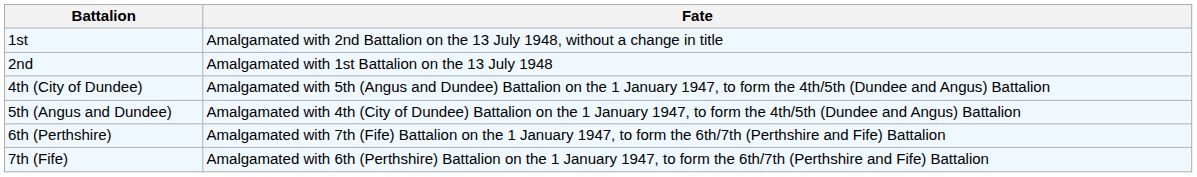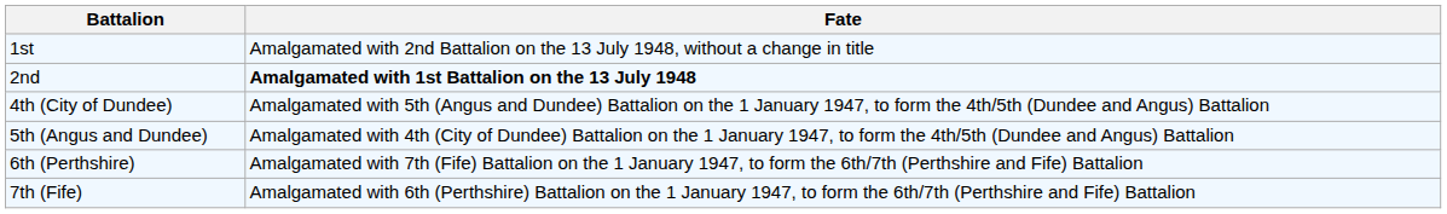 <table class="wikitable" style="width:100%;">
 <tr>
 <th>Battalion</th>
 <th>Fate</th>
 </tr>
 <tr style="background:#f0f8ff;">
 <td>1st</td>
 <td>Amalgamated with 2nd Battalion on the 13 July 1948, without a change in title</td>
 </tr>
 <tr style="background:#f0f8ff;">
 <td>2nd</td>
-<td>Amalgamated with 1st Battalion on the 13 July 1948</td>
+<td><strong>Amalgamated with 1st Battalion on the 13 July 1948</strong></td>
 </tr>
 <tr style="background:#f0f8ff;">
 <td>4th (City of Dundee)</td>
 <td>Amalgamated with 5th (Angus and Dundee) Battalion on the 1 January 1947, to form the 4th/5th (Dundee and Angus) Battalion</td>
 </tr>
 <tr style="background:#f0f8ff;">
 <td>5th (Angus and Dundee)</td>
 <td>Amalgamated with 4th (City of Dundee) Battalion on the 1 January 1947, to form the 4th/5th (Dundee and Angus) Battalion</td>
 </tr>
 <tr style="background:#f0f8ff;">
 <td>6th (Perthshire)</td>
 <td>Amalgamated with 7th (Fife) Battalion on the 1 January 1947, to form the 6th/7th (Perthshire and Fife) Battalion</td>
 </tr>
 <tr style="background:#f0f8ff;">
 <td>7th (Fife)</td>
 <td>Amalgamated with 6th (Perthshire) Battalion on the 1 January 1947, to form the 6th/7th (Perthshire and Fife) Battalion</td>
 </tr>
 </table>
